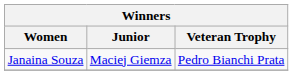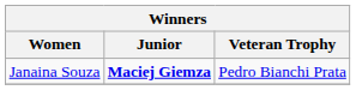 <table class="wikitable" style="font-size: 85%;">
 <tr valign="top">
 <th colspan="3" valign="middle">Winners</th>
 </tr>
 <tr>
 <th valign="middle">Women</th>
 <th valign="middle">Junior</th>
 <th valign="middle">Veteran Trophy</th>
 </tr>
 <tr>
 <td> <a href='#'>Janaina Souza</a></td>
-<td> <a href='#'>Maciej Giemza</a></td>
+<td><strong> <a href='#'>Maciej Giemza</a></strong></td>
 <td> <a href='#'>Pedro Bianchi Prata</a></td>
 </tr>
 <tr>
 </tr>
 </table>
